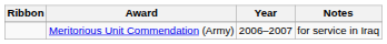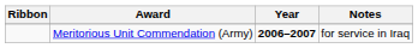 <table class="wikitable" align="left">
 <tr bgcolor="#efefef">
 <th>Ribbon</th>
 <th>Award</th>
 <th>Year</th>
 <th>Notes</th>
 </tr>
 <tr>
 </tr>
 <tr>
 <td></td>
 <td><a href='#'>Meritorious Unit Commendation</a> (Army)</td>
-<td>2006–2007</td>
+<td><strong>2006–2007</strong></td>
 <td>for service in Iraq</td>
 </tr>
 </table>
